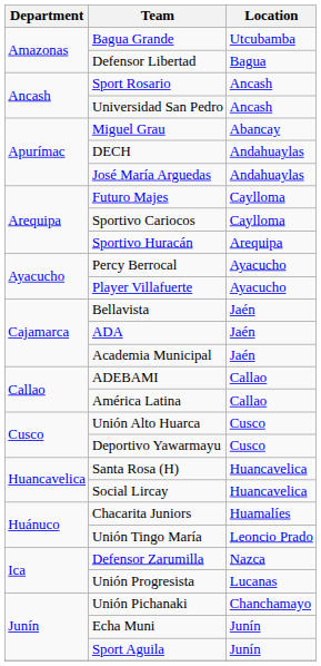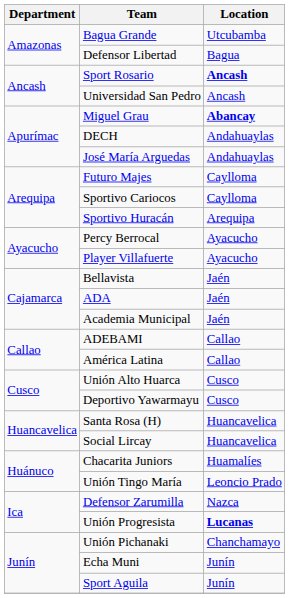 <table class="wikitable">
 <tr>
 <th>Department</th>
 <th>Team</th>
 <th>Location</th>
 </tr>
 <tr>
 <td rowspan="2"><a href='#'>Amazonas</a></td>
 <td><a href='#'>Bagua Grande</a></td>
 <td><a href='#'>Utcubamba</a></td>
 </tr>
 <tr>
 <td>Defensor Libertad</td>
 <td><a href='#'>Bagua</a></td>
 </tr>
 <tr>
 <td rowspan="2"><a href='#'>Ancash</a></td>
 <td><a href='#'>Sport Rosario</a></td>
-<td><a href='#'>Ancash</a></td>
+<td><strong><a href='#'>Ancash</a></strong></td>
 </tr>
 <tr>
 <td>Universidad San Pedro</td>
 <td><a href='#'>Ancash</a></td>
 </tr>
 <tr>
 <td rowspan="3"><a href='#'>Apurímac</a></td>
 <td><a href='#'>Miguel Grau</a></td>
-<td><a href='#'>Abancay</a></td>
+<td><strong><a href='#'>Abancay</a></strong></td>
 </tr>
 <tr>
 <td>DECH</td>
 <td><a href='#'>Andahuaylas</a></td>
 </tr>
 <tr>
 <td><a href='#'>José María Arguedas</a></td>
 <td><a href='#'>Andahuaylas</a></td>
 </tr>
 <tr>
 <td rowspan="3"><a href='#'>Arequipa</a></td>
 <td><a href='#'>Futuro Majes</a></td>
 <td><a href='#'>Caylloma</a></td>
 </tr>
 <tr>
 <td>Sportivo Cariocos</td>
 <td><a href='#'>Caylloma</a></td>
 </tr>
 <tr>
 <td><a href='#'>Sportivo Huracán</a></td>
 <td><a href='#'>Arequipa</a></td>
 </tr>
 <tr>
 <td rowspan="2"><a href='#'>Ayacucho</a></td>
 <td>Percy Berrocal</td>
 <td><a href='#'>Ayacucho</a></td>
 </tr>
 <tr>
 <td><a href='#'>Player Villafuerte</a></td>
 <td><a href='#'>Ayacucho</a></td>
 </tr>
 <tr>
 <td rowspan="3"><a href='#'>Cajamarca</a></td>
 <td>Bellavista</td>
 <td><a href='#'>Jaén</a></td>
 </tr>
 <tr>
 <td><a href='#'>ADA</a></td>
 <td><a href='#'>Jaén</a></td>
 </tr>
 <tr>
 <td>Academia Municipal</td>
 <td><a href='#'>Jaén</a></td>
 </tr>
 <tr>
 <td rowspan="2"><a href='#'>Callao</a></td>
 <td>ADEBAMI</td>
 <td><a href='#'>Callao</a></td>
 </tr>
 <tr>
 <td>América Latina</td>
 <td><a href='#'>Callao</a></td>
 </tr>
 <tr>
 <td rowspan="2"><a href='#'>Cusco</a></td>
 <td>Unión Alto Huarca</td>
 <td><a href='#'>Cusco</a></td>
 </tr>
 <tr>
 <td>Deportivo Yawarmayu</td>
 <td><a href='#'>Cusco</a></td>
 </tr>
 <tr>
 <td rowspan="2"><a href='#'>Huancavelica</a></td>
 <td>Santa Rosa (H)</td>
 <td><a href='#'>Huancavelica</a></td>
 </tr>
 <tr>
 <td>Social Lircay</td>
 <td><a href='#'>Huancavelica</a></td>
 </tr>
 <tr>
 <td rowspan="2"><a href='#'>Huánuco</a></td>
 <td>Chacarita Juniors</td>
 <td><a href='#'>Huamalíes</a></td>
 </tr>
 <tr>
 <td>Unión Tingo María</td>
 <td><a href='#'>Leoncio Prado</a></td>
 </tr>
 <tr>
 <td rowspan="2"><a href='#'>Ica</a></td>
 <td><a href='#'>Defensor Zarumilla</a></td>
 <td><a href='#'>Nazca</a></td>
 </tr>
 <tr>
 <td>Unión Progresista</td>
-<td><a href='#'>Lucanas</a></td>
+<td><strong><a href='#'>Lucanas</a></strong></td>
 </tr>
 <tr>
 <td rowspan="3"><a href='#'>Junín</a></td>
 <td>Unión Pichanaki</td>
 <td><a href='#'>Chanchamayo</a></td>
 </tr>
 <tr>
 <td>Echa Muni</td>
 <td><a href='#'>Junín</a></td>
 </tr>
 <tr>
 <td><a href='#'>Sport Aguila</a></td>
 <td><a href='#'>Junín</a></td>
 </tr>
 <tr>
 </tr>
 </table>
